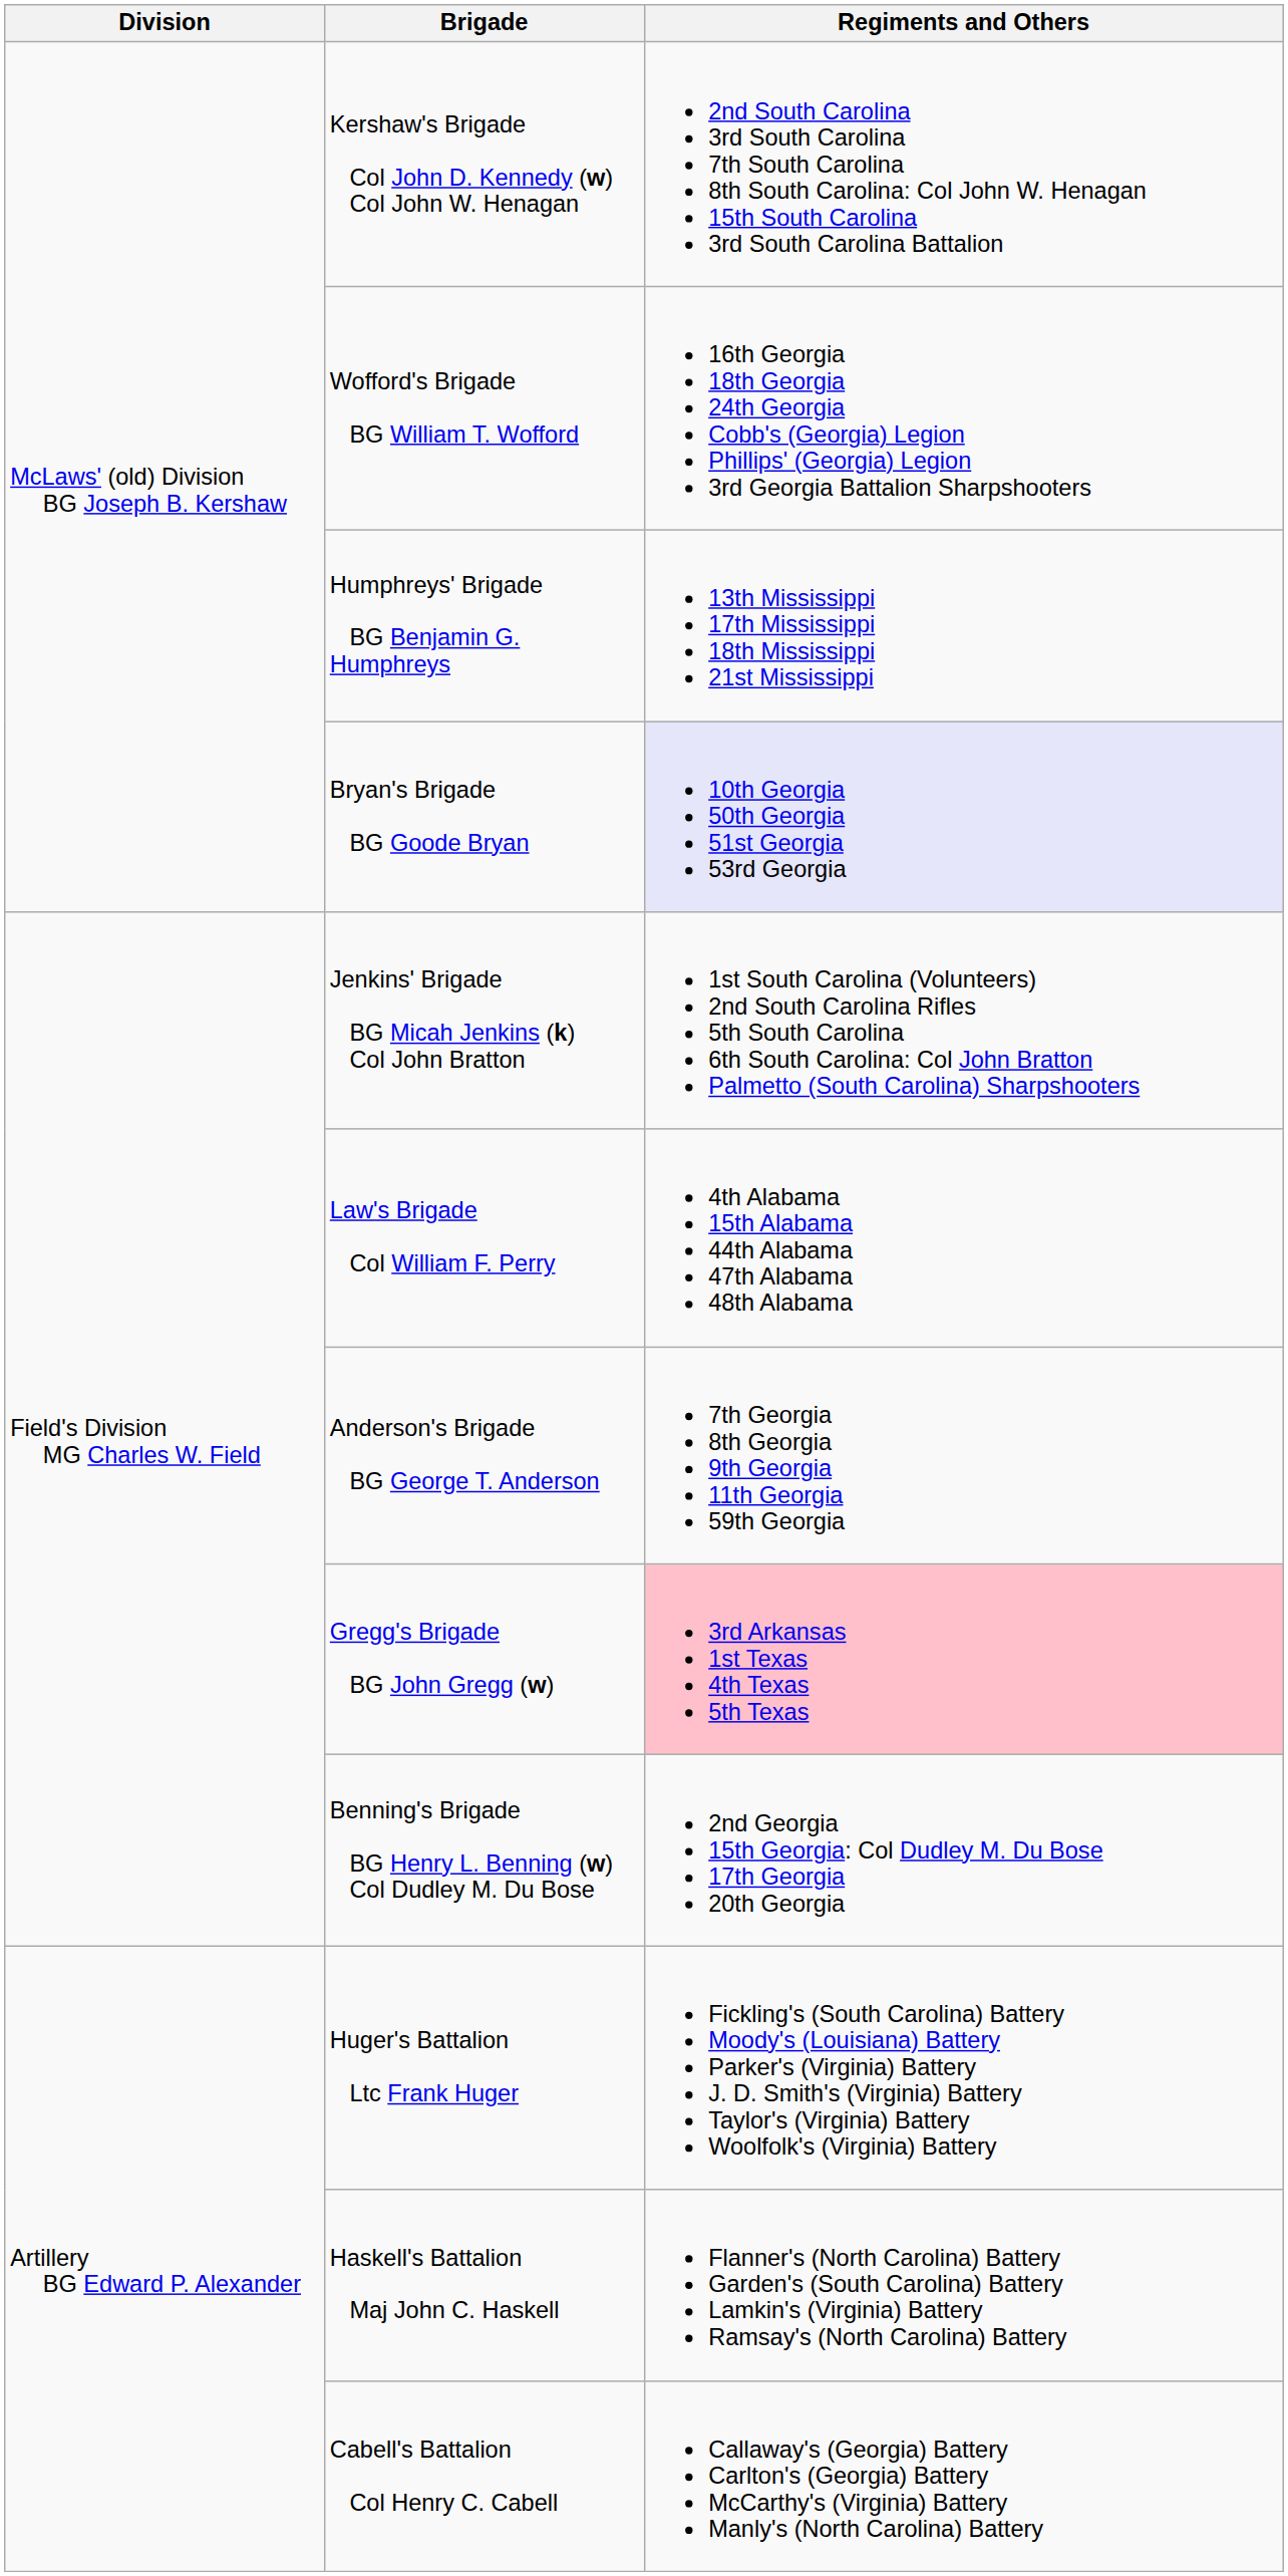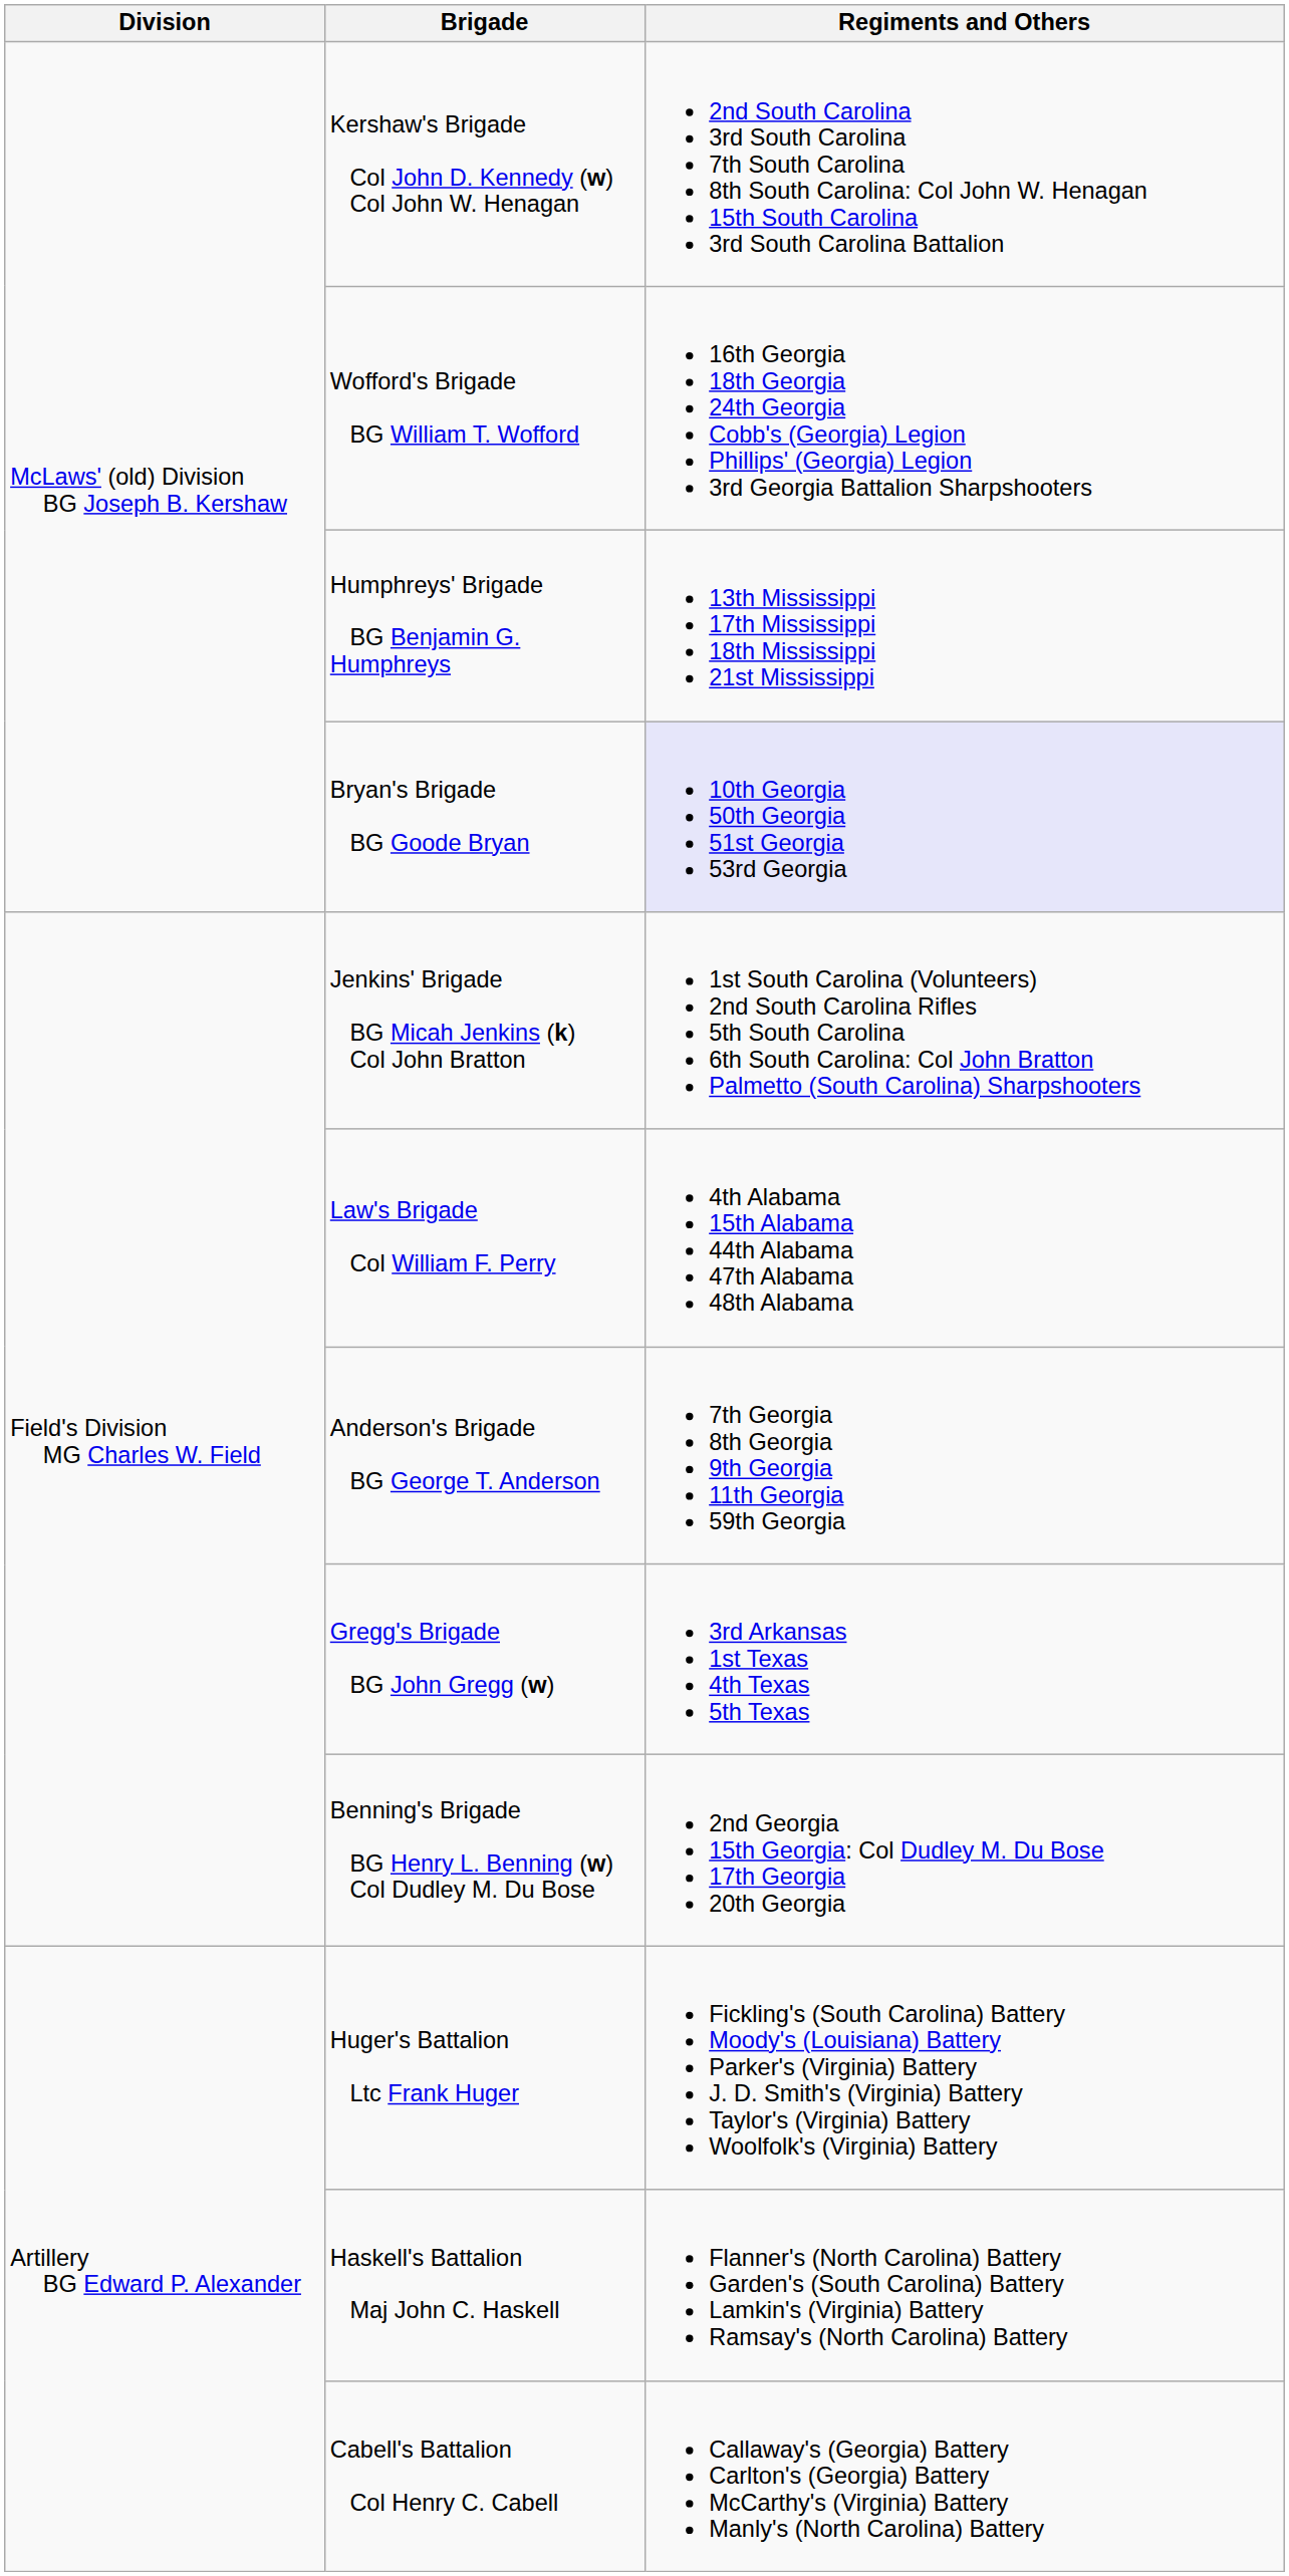 <table class="wikitable">
 <tr>
 <th width=25%>Division</th>
 <th width=25%>Brigade</th>
 <th>Regiments and Others</th>
 </tr>
 <tr>
 <td rowspan=4><br><a href='#'>McLaws'</a> (old) Division <br>     BG <a href='#'>Joseph B. Kershaw</a></td>
 <td>Kershaw's Brigade<br><br>   Col <a href='#'>John D. Kennedy</a> (<strong>w</strong>) <br>   Col John W. Henagan</td>
 <td><br><ul><li><a href='#'>2nd South Carolina</a></li><li>3rd South Carolina</li><li>7th South Carolina</li><li>8th South Carolina: Col John W. Henagan</li><li><a href='#'>15th South Carolina</a></li><li>3rd South Carolina Battalion</li></ul></td>
 </tr>
 <tr>
 <td>Wofford's Brigade<br><br>   BG <a href='#'>William T. Wofford</a></td>
 <td><br><ul><li>16th Georgia</li><li><a href='#'>18th Georgia</a></li><li><a href='#'>24th Georgia</a></li><li><a href='#'>Cobb's (Georgia) Legion</a></li><li><a href='#'>Phillips' (Georgia) Legion</a></li><li>3rd Georgia Battalion Sharpshooters</li></ul></td>
 </tr>
 <tr>
 <td>Humphreys' Brigade<br><br>   BG <a href='#'>Benjamin G. Humphreys</a></td>
 <td><br><ul><li><a href='#'>13th Mississippi</a></li><li><a href='#'>17th Mississippi</a></li><li><a href='#'>18th Mississippi</a></li><li><a href='#'>21st Mississippi</a></li></ul></td>
 </tr>
 <tr>
 <td>Bryan's Brigade<br><br>   BG <a href='#'>Goode Bryan</a></td>
 <td style="background: lavender;"><br><ul><li><a href='#'>10th Georgia</a></li><li><a href='#'>50th Georgia</a></li><li><a href='#'>51st Georgia</a></li><li>53rd Georgia</li></ul></td>
 </tr>
 <tr>
 <td rowspan=5><br>Field's Division <br>     MG <a href='#'>Charles W. Field</a></td>
 <td>Jenkins' Brigade<br><br>   BG <a href='#'>Micah Jenkins</a> (<strong>k</strong>) <br>   Col John Bratton</td>
 <td><br><ul><li>1st South Carolina (Volunteers)</li><li>2nd South Carolina Rifles</li><li>5th South Carolina</li><li>6th South Carolina: Col <a href='#'>John Bratton</a></li><li><a href='#'>Palmetto (South Carolina) Sharpshooters</a></li></ul></td>
 </tr>
 <tr>
 <td><a href='#'>Law's Brigade</a><br><br>   Col <a href='#'>William F. Perry</a></td>
 <td><br><ul><li>4th Alabama</li><li><a href='#'>15th Alabama</a></li><li>44th Alabama</li><li>47th Alabama</li><li>48th Alabama</li></ul></td>
 </tr>
 <tr>
 <td>Anderson's Brigade<br><br>   BG <a href='#'>George T. Anderson</a></td>
 <td><br><ul><li>7th Georgia</li><li>8th Georgia</li><li><a href='#'>9th Georgia</a></li><li><a href='#'>11th Georgia</a></li><li>59th Georgia</li></ul></td>
 </tr>
 <tr>
 <td><a href='#'>Gregg's Brigade</a><br><br>   BG <a href='#'>John Gregg</a> (<strong>w</strong>)</td>
-<td style="background: pink;"><br><ul><li><a href='#'>3rd Arkansas</a></li><li><a href='#'>1st Texas</a></li><li><a href='#'>4th Texas</a></li><li><a href='#'>5th Texas</a></li></ul></td>
+<td><br><ul><li><a href='#'>3rd Arkansas</a></li><li><a href='#'>1st Texas</a></li><li><a href='#'>4th Texas</a></li><li><a href='#'>5th Texas</a></li></ul></td>
 </tr>
 <tr>
 <td>Benning's Brigade<br><br>   BG <a href='#'>Henry L. Benning</a> (<strong>w</strong>) <br>   Col Dudley M. Du Bose</td>
 <td><br><ul><li>2nd Georgia</li><li><a href='#'>15th Georgia</a>: Col <a href='#'>Dudley M. Du Bose</a></li><li><a href='#'>17th Georgia</a></li><li>20th Georgia</li></ul></td>
 </tr>
 <tr>
 <td rowspan=3><br>Artillery <br>     BG <a href='#'>Edward P. Alexander</a></td>
 <td>Huger's Battalion<br><br>   Ltc <a href='#'>Frank Huger</a></td>
 <td><br><ul><li>Fickling's (South Carolina) Battery</li><li><a href='#'>Moody's (Louisiana) Battery</a></li><li>Parker's (Virginia) Battery</li><li>J. D. Smith's (Virginia) Battery</li><li>Taylor's (Virginia) Battery</li><li>Woolfolk's (Virginia) Battery</li></ul></td>
 </tr>
 <tr>
 <td>Haskell's Battalion<br><br>   Maj John C. Haskell</td>
 <td><br><ul><li>Flanner's (North Carolina) Battery</li><li>Garden's (South Carolina) Battery</li><li>Lamkin's (Virginia) Battery</li><li>Ramsay's (North Carolina) Battery</li></ul></td>
 </tr>
 <tr>
 <td>Cabell's Battalion<br><br>   Col Henry C. Cabell</td>
 <td><br><ul><li>Callaway's (Georgia) Battery</li><li>Carlton's (Georgia) Battery</li><li>McCarthy's (Virginia) Battery</li><li>Manly's (North Carolina) Battery</li></ul></td>
 </tr>
 </table>
